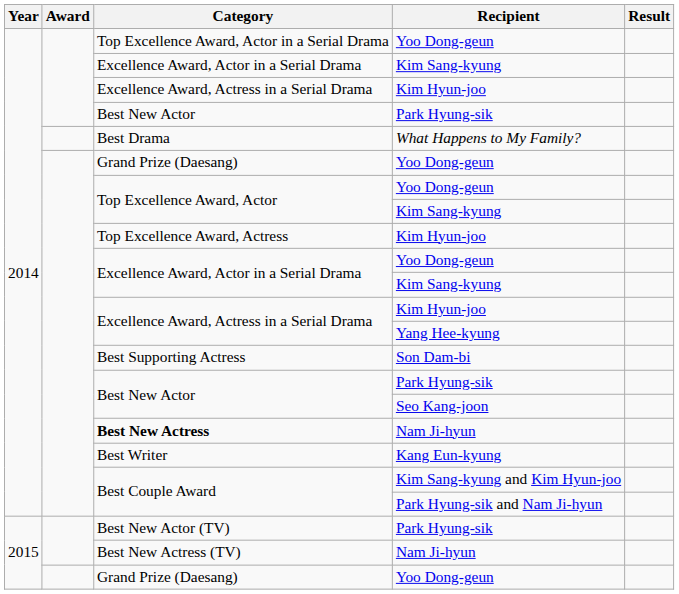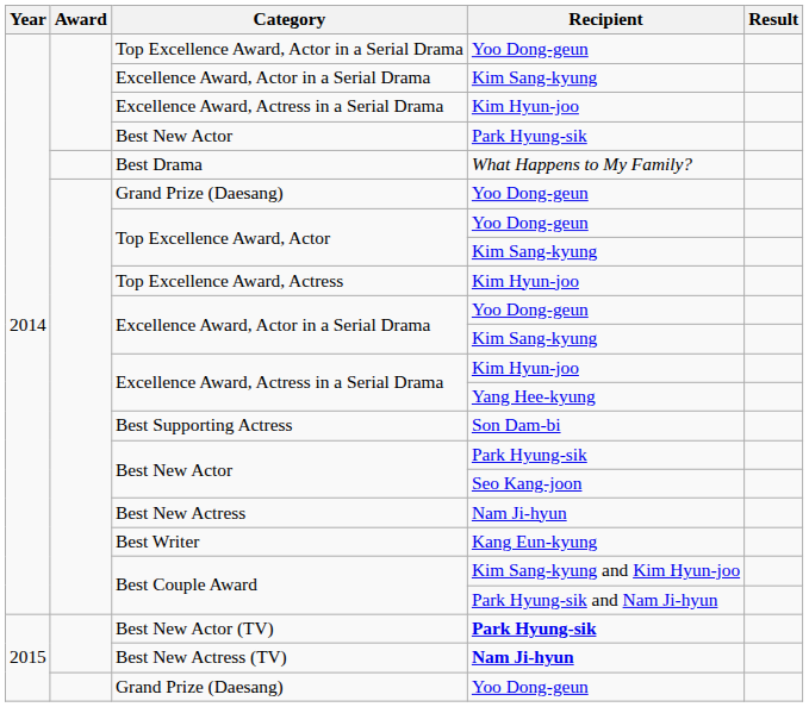 <table class="wikitable">
 <tr>
 <th>Year</th>
 <th>Award</th>
 <th>Category</th>
 <th>Recipient</th>
 <th>Result</th>
 </tr>
 <tr>
 <td rowspan="20">2014</td>
 <td rowspan="4"></td>
 <td>Top Excellence Award, Actor in a Serial Drama</td>
 <td><a href='#'>Yoo Dong-geun</a></td>
 <td></td>
 </tr>
 <tr>
 <td>Excellence Award, Actor in a Serial Drama</td>
 <td><a href='#'>Kim Sang-kyung</a></td>
 <td></td>
 </tr>
 <tr>
 <td>Excellence Award, Actress in a Serial Drama</td>
 <td><a href='#'>Kim Hyun-joo</a></td>
 <td></td>
 </tr>
 <tr>
 <td>Best New Actor</td>
 <td><a href='#'>Park Hyung-sik</a></td>
 <td></td>
 </tr>
 <tr>
 <td></td>
 <td>Best Drama</td>
 <td><em>What Happens to My Family?</em></td>
 <td></td>
 </tr>
 <tr>
 <td rowspan="15"></td>
 <td>Grand Prize (Daesang)</td>
 <td><a href='#'>Yoo Dong-geun</a></td>
 <td></td>
 </tr>
 <tr>
 <td rowspan="2">Top Excellence Award, Actor</td>
 <td><a href='#'>Yoo Dong-geun</a></td>
 <td></td>
 </tr>
 <tr>
 <td><a href='#'>Kim Sang-kyung</a></td>
 <td></td>
 </tr>
 <tr>
 <td>Top Excellence Award, Actress</td>
 <td><a href='#'>Kim Hyun-joo</a></td>
 <td></td>
 </tr>
 <tr>
 <td rowspan="2">Excellence Award, Actor in a Serial Drama</td>
 <td><a href='#'>Yoo Dong-geun</a></td>
 <td></td>
 </tr>
 <tr>
 <td><a href='#'>Kim Sang-kyung</a></td>
 <td></td>
 </tr>
 <tr>
 <td rowspan="2">Excellence Award, Actress in a Serial Drama</td>
 <td><a href='#'>Kim Hyun-joo</a></td>
 <td></td>
 </tr>
 <tr>
 <td><a href='#'>Yang Hee-kyung</a></td>
 <td></td>
 </tr>
 <tr>
 <td>Best Supporting Actress</td>
 <td><a href='#'>Son Dam-bi</a></td>
 <td></td>
 </tr>
 <tr>
 <td rowspan="2">Best New Actor</td>
 <td><a href='#'>Park Hyung-sik</a></td>
 <td></td>
 </tr>
 <tr>
 <td><a href='#'>Seo Kang-joon</a></td>
 <td></td>
 </tr>
 <tr>
-<td><strong>Best New Actress</strong></td>
+<td>Best New Actress</td>
 <td><a href='#'>Nam Ji-hyun</a></td>
 <td></td>
 </tr>
 <tr>
 <td>Best Writer</td>
 <td><a href='#'>Kang Eun-kyung</a></td>
 <td></td>
 </tr>
 <tr>
 <td rowspan="2">Best Couple Award</td>
 <td><a href='#'>Kim Sang-kyung</a> and <a href='#'>Kim Hyun-joo</a></td>
 <td></td>
 </tr>
 <tr>
 <td><a href='#'>Park Hyung-sik</a> and <a href='#'>Nam Ji-hyun</a></td>
 <td></td>
 </tr>
 <tr>
 <td rowspan="3">2015</td>
 <td rowspan="2"></td>
 <td>Best New Actor (TV)</td>
-<td><a href='#'>Park Hyung-sik</a></td>
+<td><strong><a href='#'>Park Hyung-sik</a></strong></td>
 <td></td>
 </tr>
 <tr>
 <td>Best New Actress (TV)</td>
-<td><a href='#'>Nam Ji-hyun</a></td>
+<td><strong><a href='#'>Nam Ji-hyun</a></strong></td>
 <td></td>
 </tr>
 <tr>
 <td></td>
 <td>Grand Prize (Daesang)</td>
 <td><a href='#'>Yoo Dong-geun</a></td>
 <td></td>
 </tr>
 </table>
